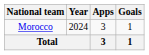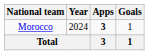 <table class="wikitable" style="text-align:center">
 <tr>
 <th>National team</th>
 <th>Year</th>
 <th>Apps</th>
 <th>Goals</th>
 </tr>
 <tr>
 <td><a href='#'>Morocco</a></td>
 <td>2024</td>
-<td>3</td>
+<td><strong>3</strong></td>
 <td>1</td>
 </tr>
 <tr>
 <th colspan="2">Total</th>
 <th>3</th>
 <th>1</th>
 </tr>
 </table>
